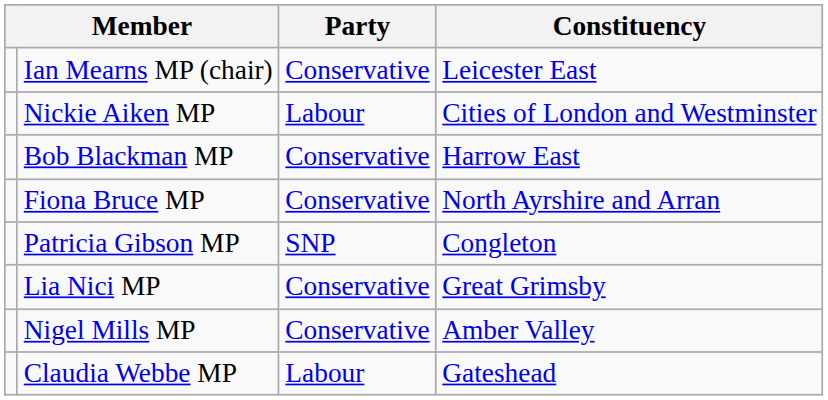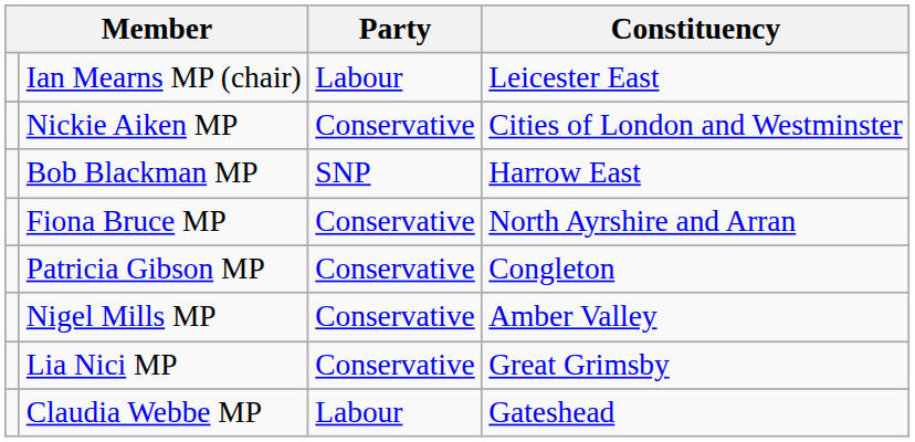 <table class="wikitable">
 <tr>
 <th colspan="2" valign="top">Member</th>
 <th valign="top">Party</th>
 <th valign="top">Constituency</th>
 </tr>
 <tr>
 <td style="color:inherit;background:"></td>
 <td><a href='#'>Ian Mearns</a> MP (chair)</td>
-<td><a href='#'>Conservative</a></td>
+<td><a href='#'>Labour</a></td>
 <td><a href='#'>Leicester East</a></td>
 </tr>
 <tr>
 <td style="color:inherit;background:"></td>
 <td><a href='#'>Nickie Aiken</a> MP</td>
-<td><a href='#'>Labour</a></td>
+<td><a href='#'>Conservative</a></td>
 <td><a href='#'>Cities of London and Westminster</a></td>
 </tr>
 <tr>
 <td style="color:inherit;background:"></td>
 <td><a href='#'>Bob Blackman</a> MP</td>
-<td><a href='#'>Conservative</a></td>
+<td><a href='#'>SNP</a></td>
 <td><a href='#'>Harrow East</a></td>
 </tr>
 <tr>
 <td style="color:inherit;background:"></td>
 <td><a href='#'>Fiona Bruce</a> MP</td>
 <td><a href='#'>Conservative</a></td>
 <td><a href='#'>North Ayrshire and Arran</a></td>
 </tr>
 <tr>
 <td style="color:inherit;background:"></td>
 <td><a href='#'>Patricia Gibson</a> MP</td>
-<td><a href='#'>SNP</a></td>
+<td><a href='#'>Conservative</a></td>
 <td><a href='#'>Congleton</a></td>
+</tr>
+<tr>
+<td style="color:inherit;background:"></td>
+<td><a href='#'>Nigel Mills</a> MP</td>
+<td><a href='#'>Conservative</a></td>
+<td><a href='#'>Amber Valley</a></td>
 </tr>
 <tr>
 <td style="color:inherit;background:"></td>
 <td><a href='#'>Lia Nici</a> MP</td>
 <td><a href='#'>Conservative</a></td>
 <td><a href='#'>Great Grimsby</a></td>
 </tr>
 <tr>
 <td style="color:inherit;background:"></td>
-<td><a href='#'>Nigel Mills</a> MP</td>
-<td><a href='#'>Conservative</a></td>
-<td><a href='#'>Amber Valley</a></td>
-</tr>
-<tr>
-<td style="color:inherit;background:"></td>
 <td><a href='#'>Claudia Webbe</a> MP</td>
 <td><a href='#'>Labour</a></td>
 <td><a href='#'>Gateshead</a></td>
 </tr>
 </table>
